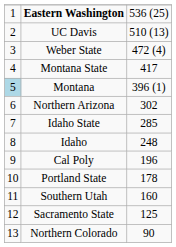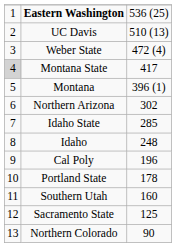 <table class="wikitable" style="display: inline-table;">
 <tr align="center">
 </tr>
 <tr align="center">
 <td>1</td>
 <td><strong>Eastern Washington</strong></td>
 <td>536 (25)</td>
 </tr>
 <tr align="center">
 <td>2</td>
 <td>UC Davis</td>
 <td>510 (13)</td>
 </tr>
 <tr align="center">
 <td>3</td>
 <td>Weber State</td>
 <td>472 (4)</td>
 </tr>
 <tr align="center">
-<td>4</td>
+<td style="background: lightgrey;">4</td>
 <td>Montana State</td>
 <td>417</td>
 </tr>
 <tr align="center">
-<td style="background: lightblue;">5</td>
+<td>5</td>
 <td>Montana</td>
 <td>396 (1)</td>
 </tr>
 <tr align="center">
 <td>6</td>
 <td>Northern Arizona</td>
 <td>302</td>
 </tr>
 <tr align="center">
 <td>7</td>
 <td>Idaho State</td>
 <td>285</td>
 </tr>
 <tr align="center">
 <td>8</td>
 <td>Idaho</td>
 <td>248</td>
 </tr>
 <tr align="center">
 <td>9</td>
 <td>Cal Poly</td>
 <td>196</td>
 </tr>
 <tr align="center">
 <td>10</td>
 <td>Portland State</td>
 <td>178</td>
 </tr>
 <tr align="center">
 <td>11</td>
 <td>Southern Utah</td>
 <td>160</td>
 </tr>
 <tr align="center">
 <td>12</td>
 <td>Sacramento State</td>
 <td>125</td>
 </tr>
 <tr align="center">
 <td>13</td>
 <td>Northern Colorado</td>
 <td>90</td>
 </tr>
 </table>
